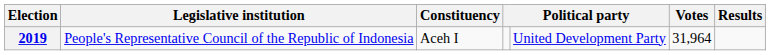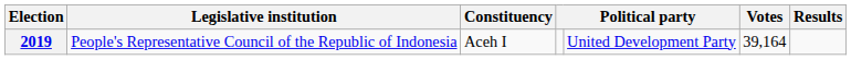 <table class="wikitable">
 <tr>
 <th>Election</th>
 <th><strong>Legislative institution</strong></th>
 <th>Constituency</th>
 <th colspan="2">Political party</th>
 <th>Votes</th>
 <th>Results</th>
 </tr>
 <tr>
 <th><strong><a href='#'>2019</a></strong></th>
 <td rowspan="3"><a href='#'>People's Representative Council of the Republic of Indonesia</a></td>
 <td rowspan="3">Aceh I</td>
 <td style="background:"></td>
 <td rowspan="3"><a href='#'>United Development Party</a></td>
-<td>31,964</td>
+<td>39,164</td>
 <td></td>
 </tr>
 </table>
